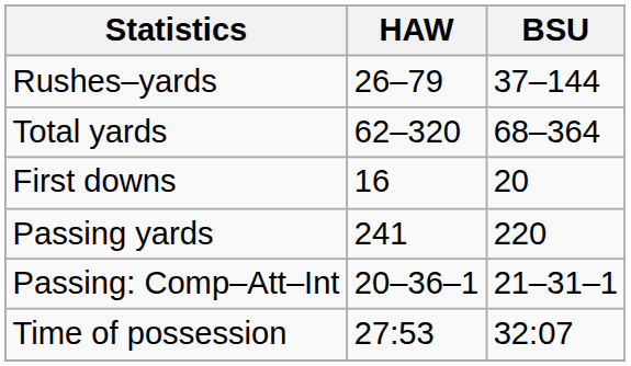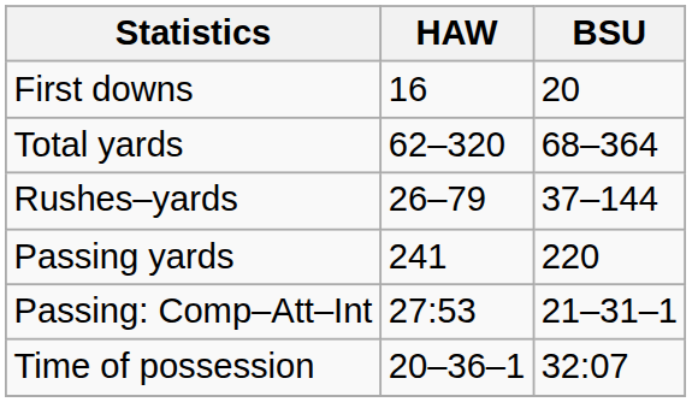 <table class="wikitable" style="float: left;">
 <tr>
 <th>Statistics</th>
 <th>HAW</th>
 <th>BSU</th>
 </tr>
 <tr>
-<td>Rushes–yards</td>
-<td>26–79</td>
-<td>37–144</td>
+<td>First downs</td>
+<td>16</td>
+<td>20</td>
 </tr>
 <tr>
 <td>Total yards</td>
 <td>62–320</td>
 <td>68–364</td>
 </tr>
 <tr>
-<td>First downs</td>
-<td>16</td>
-<td>20</td>
+<td>Rushes–yards</td>
+<td>26–79</td>
+<td>37–144</td>
 </tr>
 <tr>
 <td>Passing yards</td>
 <td>241</td>
 <td>220</td>
 </tr>
 <tr>
 <td>Passing: Comp–Att–Int</td>
-<td>20–36–1</td>
+<td>27:53</td>
 <td>21–31–1</td>
 </tr>
 <tr>
 <td>Time of possession</td>
-<td>27:53</td>
+<td>20–36–1</td>
 <td>32:07</td>
 </tr>
 <tr>
 </tr>
 </table>
